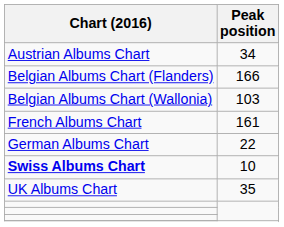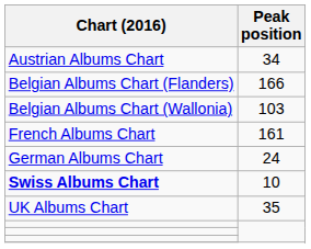 <table class="wikitable sortable plainrowheaders">
 <tr>
 <th>Chart (2016)</th>
 <th>Peak<br>position</th>
 </tr>
 <tr>
 <td><a href='#'>Austrian Albums Chart</a></td>
 <td align="center">34</td>
 </tr>
 <tr>
 <td><a href='#'> Belgian Albums Chart (Flanders)</a></td>
 <td align="center">166</td>
 </tr>
 <tr>
 <td><a href='#'> Belgian Albums Chart (Wallonia)</a></td>
 <td align="center">103</td>
 </tr>
 <tr>
 <td><a href='#'>French Albums Chart</a></td>
 <td align="center">161</td>
 </tr>
 <tr>
 <td><a href='#'>German Albums Chart</a></td>
-<td align="center">22</td>
+<td align="center">24</td>
 </tr>
 <tr>
 <td><strong><a href='#'>Swiss Albums Chart</a></strong></td>
 <td align="center">10</td>
 </tr>
 <tr>
 <td><a href='#'>UK Albums Chart</a></td>
 <td align="center">35</td>
 </tr>
 <tr>
 <td></td>
 </tr>
 <tr>
 <td></td>
 </tr>
 <tr>
 <td></td>
 </tr>
 <tr>
 </tr>
 </table>
